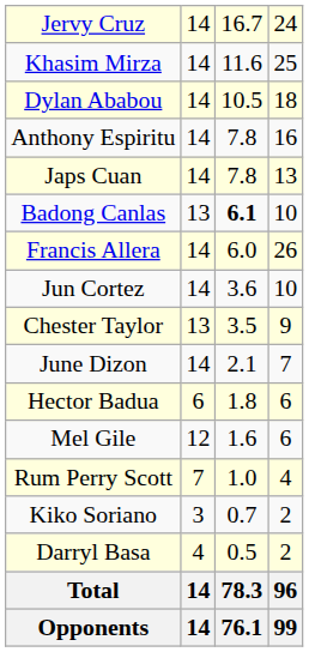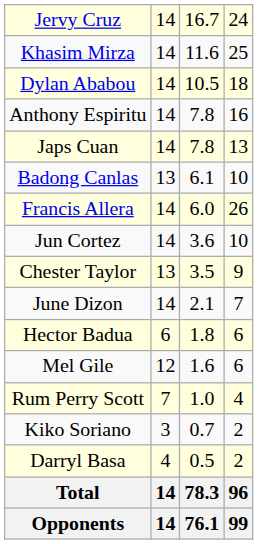 <table class=wikitable font-size:95%>
 <tr align=center bgcolor=#ffffdd>
 <td><a href='#'>Jervy Cruz</a></td>
 <td>14</td>
 <td style=>16.7</td>
 <td>24</td>
 </tr>
 <tr align="center">
 <td><a href='#'>Khasim Mirza</a></td>
 <td>14</td>
 <td>11.6</td>
 <td>25</td>
 </tr>
 <tr align=center bgcolor=#ffffdd>
 <td><a href='#'>Dylan Ababou</a></td>
 <td>14</td>
 <td>10.5</td>
 <td>18</td>
 </tr>
 <tr align="center">
 <td>Anthony Espiritu</td>
 <td>14</td>
 <td>7.8</td>
 <td>16</td>
 </tr>
 <tr align=center bgcolor=#ffffdd>
 <td>Japs Cuan</td>
 <td>14</td>
 <td>7.8</td>
 <td>13</td>
 </tr>
 <tr align=center>
 <td><a href='#'>Badong Canlas</a></td>
 <td>13</td>
-<td><strong>6.1</strong></td>
+<td>6.1</td>
 <td>10</td>
 </tr>
 <tr align=center bgcolor=#ffffdd>
 <td><a href='#'>Francis Allera</a></td>
 <td>14</td>
 <td>6.0</td>
 <td style=>26</td>
 </tr>
 <tr align=center>
 <td>Jun Cortez</td>
 <td>14</td>
 <td>3.6</td>
 <td>10</td>
 </tr>
 <tr align=center bgcolor=#ffffdd>
 <td>Chester Taylor</td>
 <td>13</td>
 <td>3.5</td>
 <td>9</td>
 </tr>
 <tr align=center>
 <td>June Dizon</td>
 <td>14</td>
 <td>2.1</td>
 <td>7</td>
 </tr>
 <tr align=center bgcolor=#ffffdd>
 <td>Hector Badua</td>
 <td>6</td>
 <td>1.8</td>
 <td>6</td>
 </tr>
 <tr align=center>
 <td>Mel Gile</td>
 <td>12</td>
 <td>1.6</td>
 <td>6</td>
 </tr>
 <tr align=center bgcolor=#ffffdd>
 <td>Rum Perry Scott</td>
 <td>7</td>
 <td>1.0</td>
 <td>4</td>
 </tr>
 <tr align=center>
 <td>Kiko Soriano</td>
 <td>3</td>
 <td>0.7</td>
 <td>2</td>
 </tr>
 <tr align=center bgcolor=#ffffdd>
 <td>Darryl Basa</td>
 <td>4</td>
 <td>0.5</td>
 <td>2</td>
 </tr>
 <tr class=sortbottom>
 <th>Total</th>
 <th>14</th>
 <th>78.3</th>
 <th>96</th>
 </tr>
 <tr class=sortbottom>
 <th>Opponents</th>
 <th>14</th>
 <th>76.1</th>
 <th>99</th>
 </tr>
 </table>
